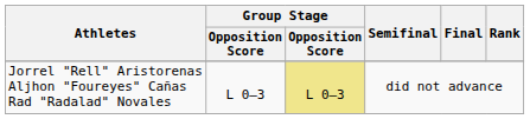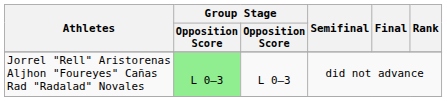 <table class="wikitable" style="font-size:90%">
 <tr>
 <th rowspan=2>Athletes</th>
 <th colspan=2>Group Stage</th>
 <th rowspan=2>Semifinal</th>
 <th rowspan=2>Final</th>
 <th rowspan=2>Rank</th>
 </tr>
 <tr style="font-size:95%">
 <th>Opposition<br>Score</th>
 <th>Opposition<br>Score</th>
 </tr>
 <tr style="font-size:95%">
 </tr>
 <tr align=center>
 <td align=left>Jorrel "Rell" Aristorenas<br>Aljhon "Foureyes" Cañas<br>Rad "Radalad" Novales</td>
+<td style="background: lightgreen;"><br>L 0–3</td>
 <td><br>L 0–3</td>
-<td style="background: khaki;"><br>L 0–3</td>
 <td colspan=3>did not advance</td>
 </tr>
 <tr>
 </tr>
 </table>
